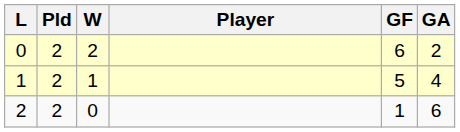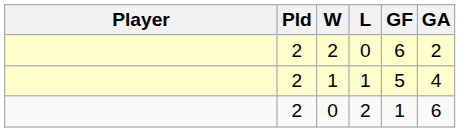 <table class=wikitable style="text-align:center">
 <tr>
-<th width=20>L</th>
+<th width=220>Player</th>
 <th width=20>Pld</th>
 <th width=20>W</th>
-<th width=220>Player</th>
+<th width=20>L</th>
 <th width=20>GF</th>
 <th width=20>GA</th>
 </tr>
 <tr bgcolor=#ffffcc>
-<td>0</td>
+<td align=left></td>
 <td>2</td>
 <td>2</td>
-<td align=left></td>
+<td>0</td>
 <td>6</td>
 <td>2</td>
 </tr>
 <tr bgcolor=#ffffcc>
-<td>1</td>
+<td align=left></td>
 <td>2</td>
 <td>1</td>
-<td align=left></td>
+<td>1</td>
 <td>5</td>
 <td>4</td>
 </tr>
 <tr>
-<td>2</td>
+<td align=left></td>
 <td>2</td>
 <td>0</td>
-<td align=left></td>
+<td>2</td>
 <td>1</td>
 <td>6</td>
 </tr>
 </table>
